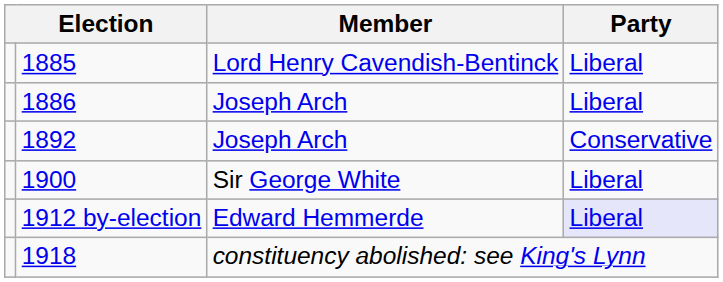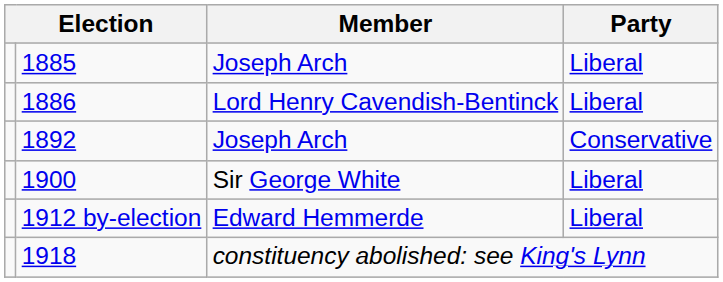 <table class="wikitable">
 <tr>
 <th colspan="2">Election</th>
 <th>Member</th>
 <th>Party</th>
 </tr>
 <tr>
 <td style="color:inherit;background-color: "></td>
 <td><a href='#'>1885</a></td>
-<td><a href='#'>Lord Henry Cavendish-Bentinck</a></td>
+<td><a href='#'>Joseph Arch</a></td>
 <td><a href='#'>Liberal</a></td>
 </tr>
 <tr>
 <td style="color:inherit;background-color: "></td>
 <td><a href='#'>1886</a></td>
-<td><a href='#'>Joseph Arch</a></td>
+<td><a href='#'>Lord Henry Cavendish-Bentinck</a></td>
 <td><a href='#'>Liberal</a></td>
 </tr>
 <tr>
 <td style="color:inherit;background-color: "></td>
 <td><a href='#'>1892</a></td>
 <td><a href='#'>Joseph Arch</a></td>
 <td><a href='#'>Conservative</a></td>
 </tr>
 <tr>
 <td style="color:inherit;background-color: "></td>
 <td><a href='#'>1900</a></td>
 <td>Sir <a href='#'>George White</a></td>
 <td><a href='#'>Liberal</a></td>
 </tr>
 <tr>
 <td style="color:inherit;background-color: "></td>
 <td><a href='#'>1912 by-election</a></td>
 <td><a href='#'>Edward Hemmerde</a></td>
-<td style="background: lavender;"><a href='#'>Liberal</a></td>
+<td><a href='#'>Liberal</a></td>
 </tr>
 <tr>
 <td></td>
 <td><a href='#'>1918</a></td>
 <td colspan="2"><em>constituency abolished: see <a href='#'>King's Lynn</a></em></td>
 </tr>
 </table>
